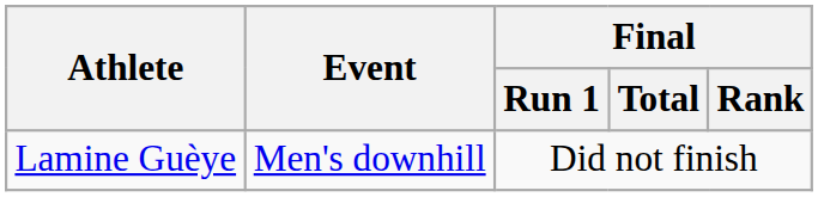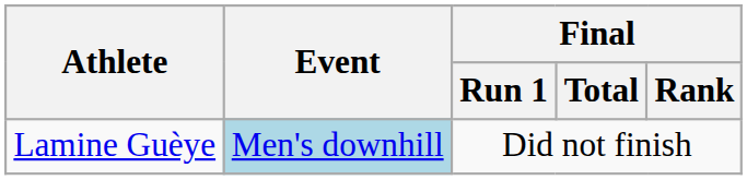 <table class="wikitable" style="font-size:90%">
 <tr>
 <th rowspan="2">Athlete</th>
 <th rowspan="2">Event</th>
 <th colspan="5">Final</th>
 </tr>
 <tr>
 <th>Run 1</th>
 <th>Total</th>
 <th>Rank</th>
 </tr>
 <tr>
 <td><a href='#'>Lamine Guèye</a></td>
-<td><a href='#'>Men's downhill</a></td>
+<td style="background: lightblue;"><a href='#'>Men's downhill</a></td>
 <td align="center" colspan=3>Did not finish</td>
 </tr>
 </table>
